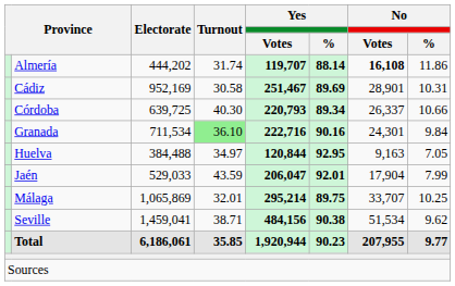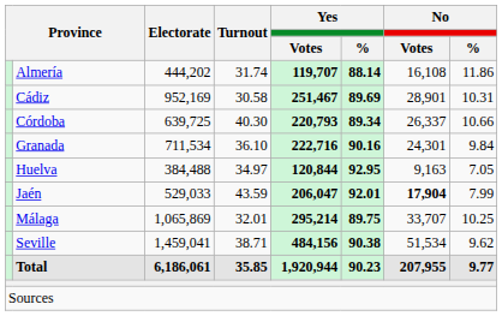 <table class="wikitable sortable" style="text-align:right; line-height:20px;">
 <tr>
 <th width="150" colspan="2" rowspan="3">Province</th>
 <th rowspan="3">Electorate</th>
 <th rowspan="3">Turnout</th>
 <th width="120" colspan="2">Yes</th>
 <th width="120" colspan="2">No</th>
 </tr>
 <tr>
 <th colspan="2" style="background:#088A29;"></th>
 <th colspan="2" style="background:#E90000;"></th>
 </tr>
 <tr>
 <th>Votes</th>
 <th>%</th>
 <th>Votes</th>
 <th>%</th>
 </tr>
 <tr>
 <td width="1" style="background:#CEF6D8;"></td>
 <td align="left"><a href='#'>Almería</a></td>
 <td>444,202</td>
 <td>31.74</td>
 <td style="background:#CEF6D8;"><strong>119,707</strong></td>
 <td style="background:#CEF6D8;"><strong>88.14</strong></td>
-<td><strong>16,108</strong></td>
+<td>16,108</td>
 <td>11.86</td>
 </tr>
 <tr>
 <td style="background:#CEF6D8;"></td>
 <td align="left"><a href='#'>Cádiz</a></td>
 <td>952,169</td>
 <td>30.58</td>
 <td style="background:#CEF6D8;"><strong>251,467</strong></td>
 <td style="background:#CEF6D8;"><strong>89.69</strong></td>
 <td>28,901</td>
 <td>10.31</td>
 </tr>
 <tr>
 <td style="background:#CEF6D8;"></td>
 <td align="left"><a href='#'>Córdoba</a></td>
 <td>639,725</td>
 <td>40.30</td>
 <td style="background:#CEF6D8;"><strong>220,793</strong></td>
 <td style="background:#CEF6D8;"><strong>89.34</strong></td>
 <td>26,337</td>
 <td>10.66</td>
 </tr>
 <tr>
 <td style="background:#CEF6D8;"></td>
 <td align="left"><a href='#'>Granada</a></td>
 <td>711,534</td>
-<td style="background: lightgreen;">36.10</td>
+<td>36.10</td>
 <td style="background:#CEF6D8;"><strong>222,716</strong></td>
 <td style="background:#CEF6D8;"><strong>90.16</strong></td>
 <td>24,301</td>
 <td>9.84</td>
 </tr>
 <tr>
 <td style="background:#CEF6D8;"></td>
 <td align="left"><a href='#'>Huelva</a></td>
 <td>384,488</td>
 <td>34.97</td>
 <td style="background:#CEF6D8;"><strong>120,844</strong></td>
 <td style="background:#CEF6D8;"><strong>92.95</strong></td>
 <td>9,163</td>
 <td>7.05</td>
 </tr>
 <tr>
 <td style="background:#CEF6D8;"></td>
 <td align="left"><a href='#'>Jaén</a></td>
 <td>529,033</td>
 <td>43.59</td>
 <td style="background:#CEF6D8;"><strong>206,047</strong></td>
 <td style="background:#CEF6D8;"><strong>92.01</strong></td>
-<td>17,904</td>
+<td><strong>17,904</strong></td>
 <td>7.99</td>
 </tr>
 <tr>
 <td style="background:#CEF6D8;"></td>
 <td align="left"><a href='#'>Málaga</a></td>
 <td>1,065,869</td>
 <td>32.01</td>
 <td style="background:#CEF6D8;"><strong>295,214</strong></td>
 <td style="background:#CEF6D8;"><strong>89.75</strong></td>
 <td>33,707</td>
 <td>10.25</td>
 </tr>
 <tr>
 <td style="background:#CEF6D8;"></td>
 <td align="left"><a href='#'>Seville</a></td>
 <td>1,459,041</td>
 <td>38.71</td>
 <td style="background:#CEF6D8;"><strong>484,156</strong></td>
 <td style="background:#CEF6D8;"><strong>90.38</strong></td>
 <td>51,534</td>
 <td>9.62</td>
 </tr>
 <tr style="font-weight:bold;background:#E4E4E4;">
 <td style="background:#CEF6D8;"></td>
 <td align="left">Total</td>
 <td>6,186,061</td>
 <td>35.85</td>
 <td style="background:#CEF6D8;">1,920,944</td>
 <td style="background:#CEF6D8;">90.23</td>
 <td>207,955</td>
 <td>9.77</td>
 </tr>
 <tr>
 <th colspan="8"></th>
 </tr>
 <tr>
 <th style="text-align:left; font-weight:normal; background:#F9F9F9" colspan="8">Sources</th>
 </tr>
 </table>
